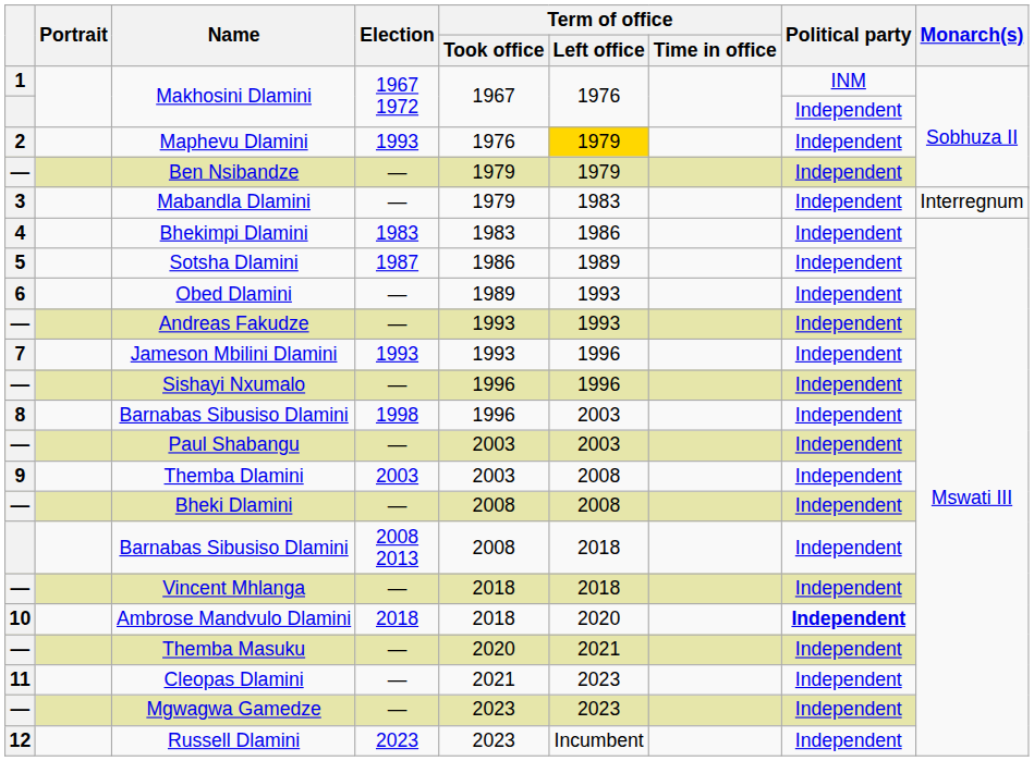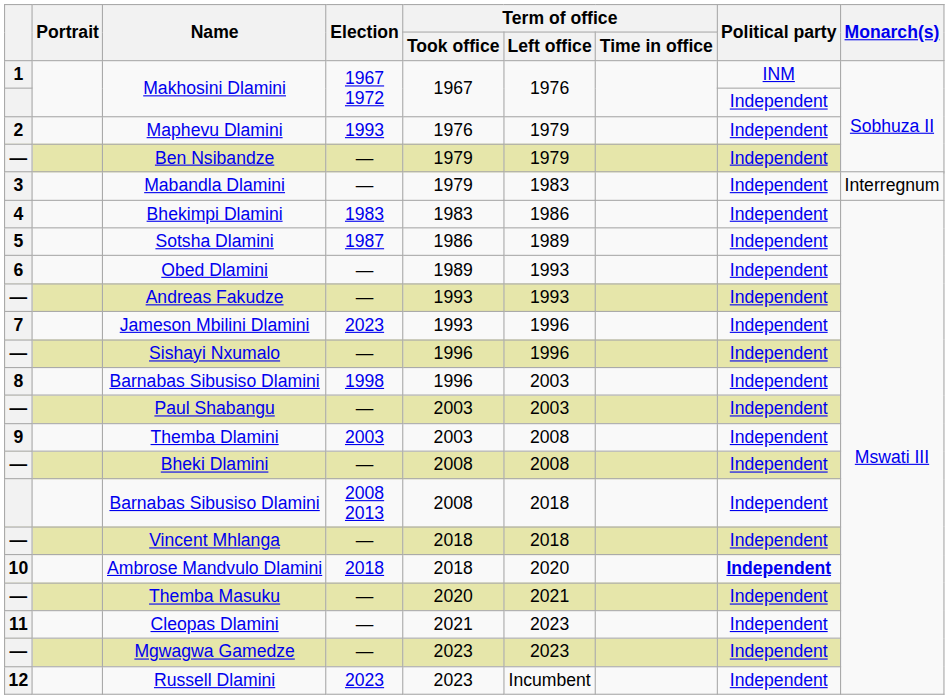 <table class="wikitable" style="text-align:center">
 <tr>
 <th rowspan="2"></th>
 <th rowspan="2">Portrait</th>
 <th rowspan="2">Name<br></th>
 <th rowspan="2">Election</th>
 <th colspan="3">Term of office</th>
 <th rowspan="2">Political party</th>
 <th rowspan="2"><a href='#'>Monarch(s)</a><br></th>
 </tr>
 <tr>
 <th>Took office</th>
 <th>Left office</th>
 <th>Time in office</th>
 </tr>
 <tr>
 <th style="background:">1</th>
 <td rowspan=2></td>
 <td rowspan=2><a href='#'>Makhosini Dlamini</a><br></td>
 <td rowspan=2><a href='#'>1967</a><br><a href='#'>1972</a></td>
 <td rowspan=2> 1967</td>
 <td rowspan=2> 1976</td>
 <td rowspan=2></td>
 <td><a href='#'>INM</a><br></td>
 <td rowspan=5><br><a href='#'>Sobhuza II</a><br></td>
 </tr>
 <tr>
 <th style="background:"></th>
 <td><a href='#'>Independent</a></td>
 </tr>
 <tr>
 <th style="background:">2</th>
 <td></td>
 <td><a href='#'>Maphevu Dlamini</a><br></td>
 <td><a href='#'>1993</a></td>
 <td> 1976</td>
-<td style="background: gold;"> 1979</td>
+<td> 1979</td>
 <td></td>
 <td><a href='#'>Independent</a></td>
 </tr>
 <tr style="background:#e6e6aa;">
 <th style="background:">—</th>
 <td></td>
 <td><a href='#'>Ben Nsibandze</a><br></td>
 <td>—</td>
 <td> 1979</td>
 <td> 1979</td>
 <td></td>
 <td><a href='#'>Independent</a></td>
 </tr>
 <tr>
 <th rowspan=2 style="background:">3</th>
 <td rowspan=2></td>
 <td rowspan=2><a href='#'>Mabandla Dlamini</a><br></td>
 <td rowspan=2>—</td>
 <td rowspan=2> 1979</td>
 <td rowspan=2> 1983</td>
 <td rowspan=2></td>
 <td rowspan=2><a href='#'>Independent</a></td>
 </tr>
 <tr>
 <td rowspan=2>Interregnum</td>
 </tr>
 <tr>
 <th rowspan=2 style="background:">4</th>
 <td rowspan=2></td>
 <td rowspan=2><a href='#'>Bhekimpi Dlamini</a><br></td>
 <td rowspan=2><a href='#'>1983</a></td>
 <td rowspan=2> 1983</td>
 <td rowspan=2> 1986</td>
 <td rowspan=2></td>
 <td rowspan=2><a href='#'>Independent</a></td>
 </tr>
 <tr>
 <td rowspan=17><br><a href='#'>Mswati III</a><br></td>
 </tr>
 <tr>
 <th style="background:">5</th>
 <td></td>
 <td><a href='#'>Sotsha Dlamini</a><br></td>
 <td><a href='#'>1987</a></td>
 <td> 1986</td>
 <td> 1989</td>
 <td></td>
 <td><a href='#'>Independent</a></td>
 </tr>
 <tr>
 <th style="background:">6</th>
 <td></td>
 <td><a href='#'>Obed Dlamini</a><br></td>
 <td>—</td>
 <td> 1989</td>
 <td> 1993</td>
 <td></td>
 <td><a href='#'>Independent</a></td>
 </tr>
 <tr style="background:#e6e6aa;">
 <th style="background:">—</th>
 <td></td>
 <td><a href='#'>Andreas Fakudze</a><br></td>
 <td>—</td>
 <td> 1993</td>
 <td> 1993</td>
 <td></td>
 <td><a href='#'>Independent</a></td>
 </tr>
 <tr>
 <th style="background:">7</th>
 <td></td>
 <td><a href='#'>Jameson Mbilini Dlamini</a><br></td>
-<td><a href='#'>1993</a></td>
+<td><a href='#'>2023</a></td>
 <td> 1993</td>
 <td> 1996</td>
 <td></td>
 <td><a href='#'>Independent</a></td>
 </tr>
 <tr style="background:#e6e6aa;">
 <th style="background:">—</th>
 <td></td>
 <td><a href='#'>Sishayi Nxumalo</a><br></td>
 <td>—</td>
 <td> 1996</td>
 <td> 1996</td>
 <td></td>
 <td><a href='#'>Independent</a></td>
 </tr>
 <tr>
 <th style="background:">8</th>
 <td></td>
 <td><a href='#'>Barnabas Sibusiso Dlamini</a><br></td>
 <td><a href='#'>1998</a></td>
 <td> 1996</td>
 <td> 2003</td>
 <td></td>
 <td><a href='#'>Independent</a></td>
 </tr>
 <tr style="background:#e6e6aa;">
 <th style="background:">—</th>
 <td></td>
 <td><a href='#'>Paul Shabangu</a><br></td>
 <td>—</td>
 <td> 2003</td>
 <td> 2003</td>
 <td></td>
 <td><a href='#'>Independent</a></td>
 </tr>
 <tr>
 <th style="background:">9</th>
 <td></td>
 <td><a href='#'>Themba Dlamini</a><br></td>
 <td><a href='#'>2003</a></td>
 <td> 2003</td>
 <td> 2008</td>
 <td></td>
 <td><a href='#'>Independent</a></td>
 </tr>
 <tr style="background:#e6e6aa;">
 <th style="background:">—</th>
 <td></td>
 <td><a href='#'>Bheki Dlamini</a></td>
 <td>—</td>
 <td> 2008</td>
 <td> 2008</td>
 <td></td>
 <td><a href='#'>Independent</a></td>
 </tr>
 <tr>
 <th style="background:"></th>
 <td></td>
 <td><a href='#'>Barnabas Sibusiso Dlamini</a><br></td>
 <td><a href='#'>2008</a><br><a href='#'>2013</a></td>
 <td> 2008</td>
 <td> 2018</td>
 <td></td>
 <td><a href='#'>Independent</a></td>
 </tr>
 <tr style="background:#e6e6aa;">
 <th style="background:">—</th>
 <td></td>
 <td><a href='#'>Vincent Mhlanga</a><br></td>
 <td>—</td>
 <td> 2018</td>
 <td> 2018</td>
 <td></td>
 <td><a href='#'>Independent</a></td>
 </tr>
 <tr>
 <th style="background:">10</th>
 <td></td>
 <td><a href='#'>Ambrose Mandvulo Dlamini</a><br></td>
 <td><a href='#'>2018</a></td>
 <td> 2018</td>
 <td> 2020</td>
 <td></td>
 <td><strong><a href='#'>Independent</a></strong></td>
 </tr>
 <tr style="background:#e6e6aa;">
 <th style="background:">—</th>
 <td></td>
 <td><a href='#'>Themba Masuku</a><br></td>
 <td>—</td>
 <td> 2020</td>
 <td> 2021</td>
 <td></td>
 <td><a href='#'>Independent</a></td>
 </tr>
 <tr>
 <th style="background:">11</th>
 <td></td>
 <td><a href='#'>Cleopas Dlamini</a><br></td>
 <td>—</td>
 <td> 2021</td>
 <td> 2023</td>
 <td></td>
 <td><a href='#'>Independent</a></td>
 </tr>
 <tr style="background:#e6e6aa;">
 <th style="background:">—</th>
 <td></td>
 <td><a href='#'>Mgwagwa Gamedze</a><br></td>
 <td>—</td>
 <td> 2023</td>
 <td> 2023</td>
 <td></td>
 <td><a href='#'>Independent</a></td>
 </tr>
 <tr>
 <th style="background:">12</th>
 <td></td>
 <td><a href='#'>Russell Dlamini</a><br></td>
 <td><a href='#'>2023</a></td>
 <td> 2023</td>
 <td>Incumbent</td>
 <td></td>
 <td><a href='#'>Independent</a></td>
 </tr>
 </table>
